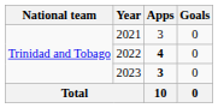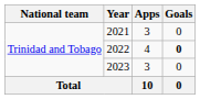 <table class="wikitable" style="text-align:center">
 <tr>
 <th>National team</th>
 <th>Year</th>
 <th>Apps</th>
 <th>Goals</th>
 </tr>
 <tr>
 <td rowspan="3"><a href='#'>Trinidad and Tobago</a></td>
 <td>2021</td>
 <td>3</td>
 <td>0</td>
 </tr>
 <tr>
 <td>2022</td>
-<td><strong>4</strong></td>
-<td>0</td>
+<td>4</td>
+<td><strong>0</strong></td>
 </tr>
 <tr>
 <td>2023</td>
-<td><strong>3</strong></td>
+<td>3</td>
 <td>0</td>
 </tr>
 <tr>
 <th colspan=2>Total</th>
 <th>10</th>
 <th>0</th>
 </tr>
 </table>
